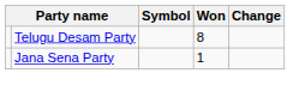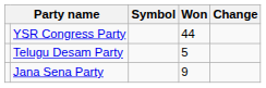 <table CLASS="sortable wikitable">
 <tr>
 <th colspan=2>Party name</th>
 <th>Symbol</th>
 <th>Won</th>
 <th>Change</th>
 </tr>
 <tr>
 <td></td>
+<td><a href='#'>YSR Congress Party</a></td>
+<td></td>
+<td>44</td>
+<td></td>
+</tr>
+<tr>
+<td></td>
 <td><a href='#'>Telugu Desam Party</a></td>
 <td></td>
-<td>8</td>
+<td>5</td>
 <td></td>
 </tr>
 <tr>
 <td></td>
 <td><a href='#'>Jana Sena Party</a></td>
 <td></td>
-<td>1</td>
+<td>9</td>
 <td></td>
 </tr>
 </table>
